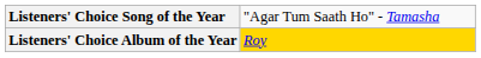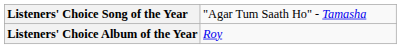 <table class="wikitable">
 <tr>
 <th style="text-align: left; width:50%;">Listeners' Choice Song of the Year</th>
 <td>"Agar Tum Saath Ho" - <em><a href='#'>Tamasha</a></em></td>
 </tr>
 <tr>
 <th style="text-align: left;">Listeners' Choice Album of the Year</th>
-<td style="background: gold;"><em><a href='#'>Roy</a></em></td>
+<td><em><a href='#'>Roy</a></em></td>
 </tr>
 </table>
